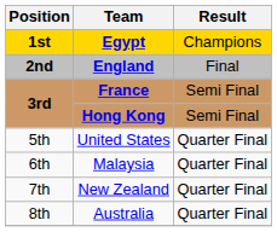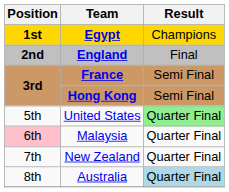 <table class="wikitable" style="text-align: center;">
 <tr>
 <th>Position</th>
 <th>Team</th>
 <th>Result</th>
 </tr>
 <tr style="background:gold;">
 <td><strong>1st</strong></td>
 <td> <strong><a href='#'>Egypt</a></strong></td>
 <td>Champions</td>
 </tr>
 <tr style="background:silver;">
 <td><strong>2nd</strong></td>
 <td> <strong><a href='#'>England</a></strong></td>
 <td>Final</td>
 </tr>
 <tr style="background:#c96;">
 <td rowspan=2><strong>3rd</strong></td>
 <td> <strong><a href='#'>France</a></strong></td>
 <td>Semi Final</td>
 </tr>
 <tr style="background:#c96;">
 <td> <strong><a href='#'>Hong Kong</a></strong></td>
 <td>Semi Final</td>
 </tr>
 <tr>
 <td>5th</td>
 <td> <a href='#'>United States</a></td>
-<td>Quarter Final</td>
+<td style="background: lightgreen;">Quarter Final</td>
 </tr>
 <tr>
-<td>6th</td>
+<td style="background: pink;">6th</td>
 <td> <a href='#'>Malaysia</a></td>
 <td>Quarter Final</td>
 </tr>
 <tr>
 <td>7th</td>
 <td> <a href='#'>New Zealand</a></td>
 <td>Quarter Final</td>
 </tr>
 <tr>
 <td>8th</td>
 <td> <a href='#'>Australia</a></td>
-<td>Quarter Final</td>
+<td style="background: lightblue;">Quarter Final</td>
 </tr>
 <tr>
 </tr>
 </table>
